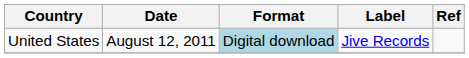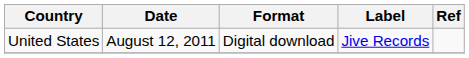 <table class="wikitable">
 <tr>
 <th>Country</th>
 <th>Date</th>
 <th>Format</th>
 <th>Label</th>
 <th>Ref</th>
 </tr>
 <tr>
 <td>United States</td>
 <td rowspan="1">August 12, 2011</td>
-<td rowspan="1" style="background: lightblue;">Digital download</td>
+<td rowspan="1">Digital download</td>
 <td rowspan="1"><a href='#'>Jive Records</a></td>
 <td></td>
 </tr>
 <tr>
 </tr>
 </table>
